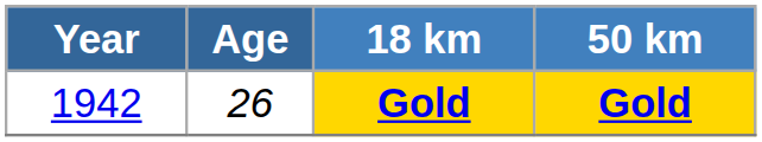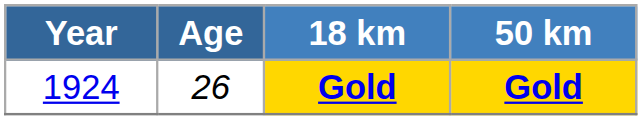 <table class="wikitable" style="font-size:95%; text-align:center; border:grey solid 1px; border-collapse:collapse; background:#ffffff;">
 <tr>
 <th style="background-color:#369; color:white; width:60px;"> Year </th>
 <th style="background-color:#369; color:white; width:40px;"> Age </th>
 <th style="background-color:#4180be; color:white; width:75px;"> 18 km </th>
 <th style="background-color:#4180be; color:white; width:75px;"> 50 km </th>
 </tr>
 <tr>
-<td><a href='#'>1942</a></td>
+<td><a href='#'>1924</a></td>
 <td><em>26</em></td>
 <td style="background:gold;"><a href='#'><strong>Gold</strong></a></td>
 <td style="background:gold;"><a href='#'><strong>Gold</strong></a></td>
 </tr>
 <tr>
 </tr>
 </table>
